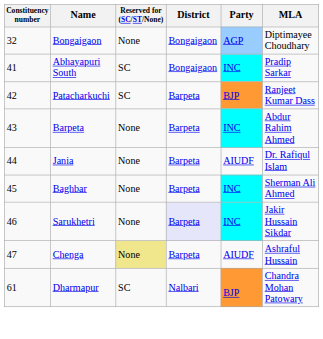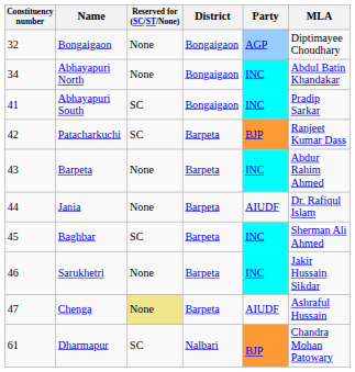 <table class="wikitable" width="500px">
 <tr>
 <th width="50px" style="font-size:75%">Constituency number</th>
 <th width="150px">Name</th>
 <th width="100px" style="font-size:75%">Reserved for (<a href='#'>SC</a>/<a href='#'>ST</a>/None)</th>
 <th width="100px">District</th>
 <th width="150px">Party</th>
 <th width="150px">MLA</th>
 </tr>
 <tr>
 <td>32</td>
 <td><a href='#'>Bongaigaon</a></td>
 <td>None</td>
 <td><a href='#'>Bongaigaon</a></td>
 <td bgcolor=#99CCFF><a href='#'>AGP</a></td>
 <td>Diptimayee Choudhary</td>
+</tr>
+<tr>
+<td>34</td>
+<td><a href='#'>Abhayapuri North</a></td>
+<td>None</td>
+<td><a href='#'>Bongaigaon</a></td>
+<td bgcolor=#00FFFF><a href='#'>INC</a></td>
+<td><a href='#'>Abdul Batin Khandakar</a></td>
 </tr>
 <tr>
 <td>41</td>
 <td><a href='#'>Abhayapuri South</a></td>
 <td>SC</td>
 <td><a href='#'>Bongaigaon</a></td>
 <td bgcolor="#00FFFF"><a href='#'>INC</a></td>
 <td><a href='#'>Pradip Sarkar</a></td>
 </tr>
 <tr>
 <td>42</td>
 <td><a href='#'>Patacharkuchi</a></td>
 <td>SC</td>
 <td><a href='#'>Barpeta</a></td>
 <td bgcolor=#FF9933><a href='#'>BJP</a></td>
 <td><a href='#'>Ranjeet Kumar Dass</a></td>
 </tr>
 <tr>
 <td>43</td>
 <td><a href='#'>Barpeta</a></td>
 <td>None</td>
 <td><a href='#'>Barpeta</a></td>
 <td bgcolor=#00FFFF><a href='#'>INC</a></td>
 <td><a href='#'>Abdur Rahim Ahmed</a></td>
 </tr>
 <tr>
 <td>44</td>
 <td><a href='#'>Jania</a></td>
 <td>None</td>
 <td><a href='#'>Barpeta</a></td>
 <td><a href='#'>AIUDF</a></td>
 <td><a href='#'>Dr. Rafiqul Islam</a></td>
 </tr>
 <tr>
 <td>45</td>
 <td><a href='#'>Baghbar</a></td>
-<td>None</td>
+<td>SC</td>
 <td><a href='#'>Barpeta</a></td>
 <td bgcolor=#00FFFF><a href='#'>INC</a></td>
 <td><a href='#'>Sherman Ali Ahmed</a></td>
 </tr>
 <tr>
 <td>46</td>
 <td><a href='#'>Sarukhetri</a></td>
 <td>None</td>
-<td style="background: lavender;"><a href='#'>Barpeta</a></td>
+<td><a href='#'>Barpeta</a></td>
 <td bgcolor=#00FFFF><a href='#'>INC</a></td>
 <td><a href='#'>Jakir Hussain Sikdar</a></td>
 </tr>
 <tr>
 <td>47</td>
 <td><a href='#'>Chenga</a></td>
 <td style="background: khaki;">None</td>
 <td><a href='#'>Barpeta</a></td>
 <td><a href='#'>AIUDF</a></td>
 <td><a href='#'>Ashraful Hussain</a></td>
 </tr>
 <tr>
 <td>61</td>
 <td><a href='#'>Dharmapur</a></td>
 <td>SC</td>
 <td><a href='#'>Nalbari</a></td>
 <td bgcolor=#FF9933><br><a href='#'>BJP</a></td>
 <td><a href='#'>Chandra Mohan Patowary</a></td>
 </tr>
 </table>
